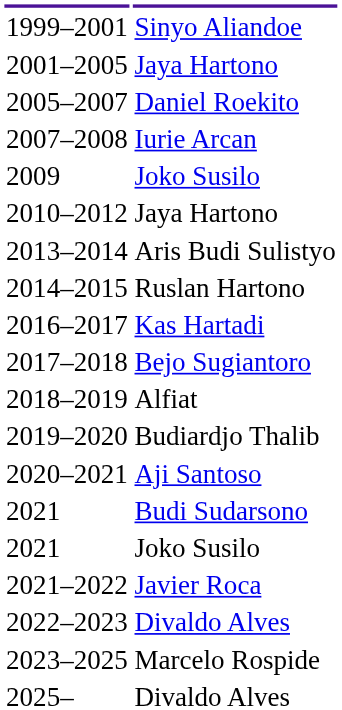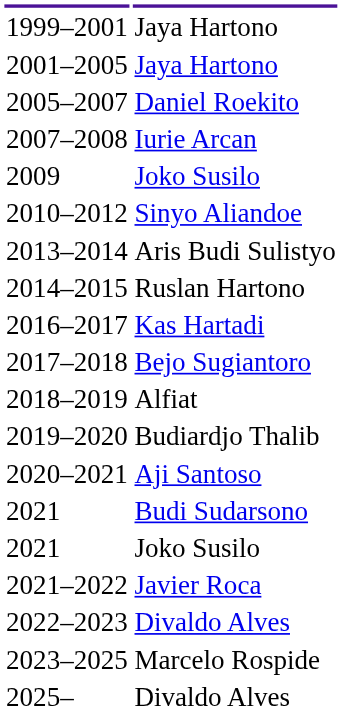 <table class="toccolours">
 <tr>
 <th bgcolor=4B1297></th>
 <th bgcolor=4B1297></th>
 </tr>
 <tr>
 <td>1999–2001</td>
-<td> <a href='#'>Sinyo Aliandoe</a></td>
+<td> Jaya Hartono</td>
 </tr>
 <tr>
 <td>2001–2005</td>
 <td> <a href='#'>Jaya Hartono</a></td>
 </tr>
 <tr>
 <td>2005–2007</td>
 <td> <a href='#'>Daniel Roekito</a></td>
 </tr>
 <tr>
 <td>2007–2008</td>
 <td> <a href='#'>Iurie Arcan</a></td>
 </tr>
 <tr>
 <td>2009</td>
 <td> <a href='#'>Joko Susilo</a></td>
 </tr>
 <tr>
 <td>2010–2012</td>
-<td> Jaya Hartono</td>
+<td> <a href='#'>Sinyo Aliandoe</a></td>
 </tr>
 <tr>
 <td>2013–2014</td>
 <td> Aris Budi Sulistyo</td>
 </tr>
 <tr>
 <td>2014–2015</td>
 <td> Ruslan Hartono</td>
 </tr>
 <tr>
 <td>2016–2017</td>
 <td> <a href='#'>Kas Hartadi</a></td>
 </tr>
 <tr>
 <td>2017–2018</td>
 <td> <a href='#'>Bejo Sugiantoro</a></td>
 </tr>
 <tr>
 <td>2018–2019</td>
 <td> Alfiat</td>
 </tr>
 <tr>
 <td>2019–2020</td>
 <td> Budiardjo Thalib</td>
 </tr>
 <tr>
 <td>2020–2021</td>
 <td> <a href='#'>Aji Santoso</a></td>
 </tr>
 <tr>
 <td>2021</td>
 <td> <a href='#'>Budi Sudarsono</a></td>
 </tr>
 <tr>
 <td>2021</td>
 <td> Joko Susilo</td>
 </tr>
 <tr>
 <td>2021–2022</td>
 <td> <a href='#'>Javier Roca</a></td>
 </tr>
 <tr>
 <td>2022–2023</td>
 <td> <a href='#'>Divaldo Alves</a></td>
 </tr>
 <tr>
 <td>2023–2025</td>
 <td> Marcelo Rospide</td>
 </tr>
 <tr>
 <td>2025–</td>
 <td> Divaldo Alves</td>
 </tr>
 </table>
